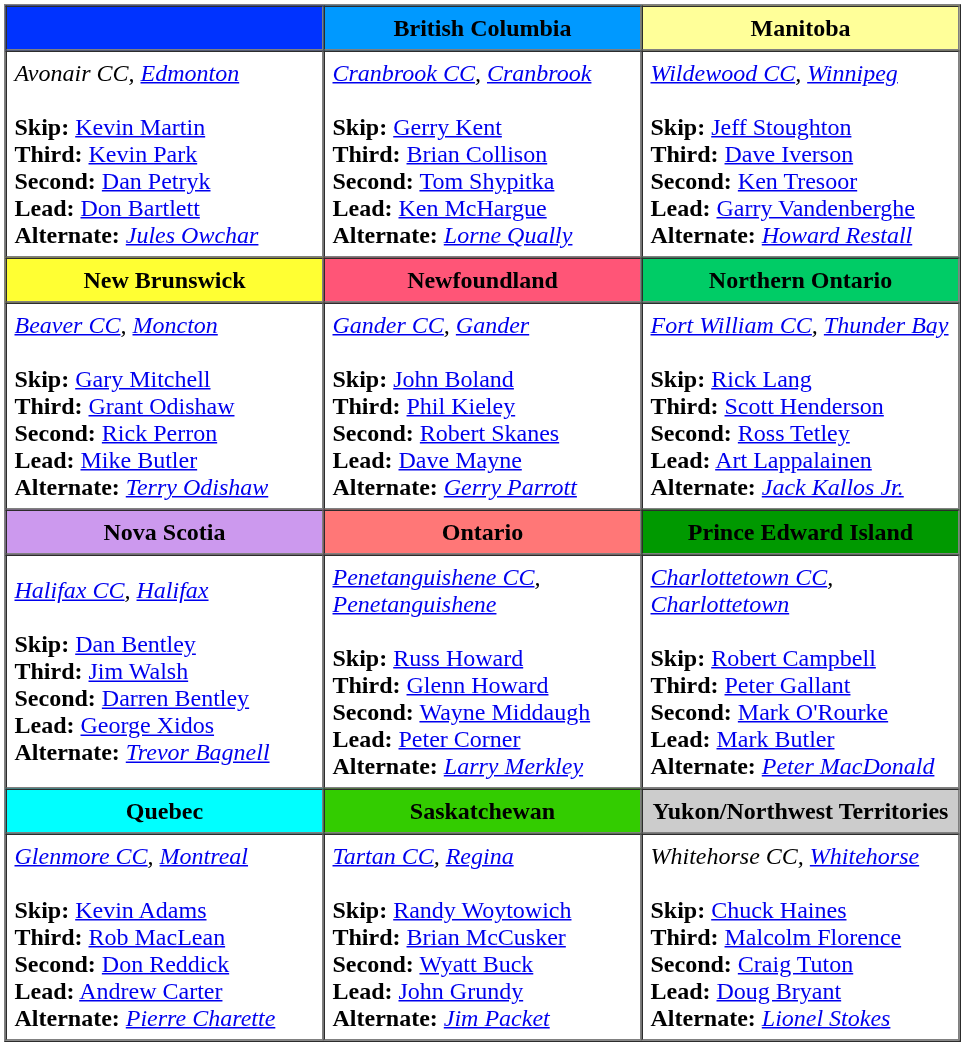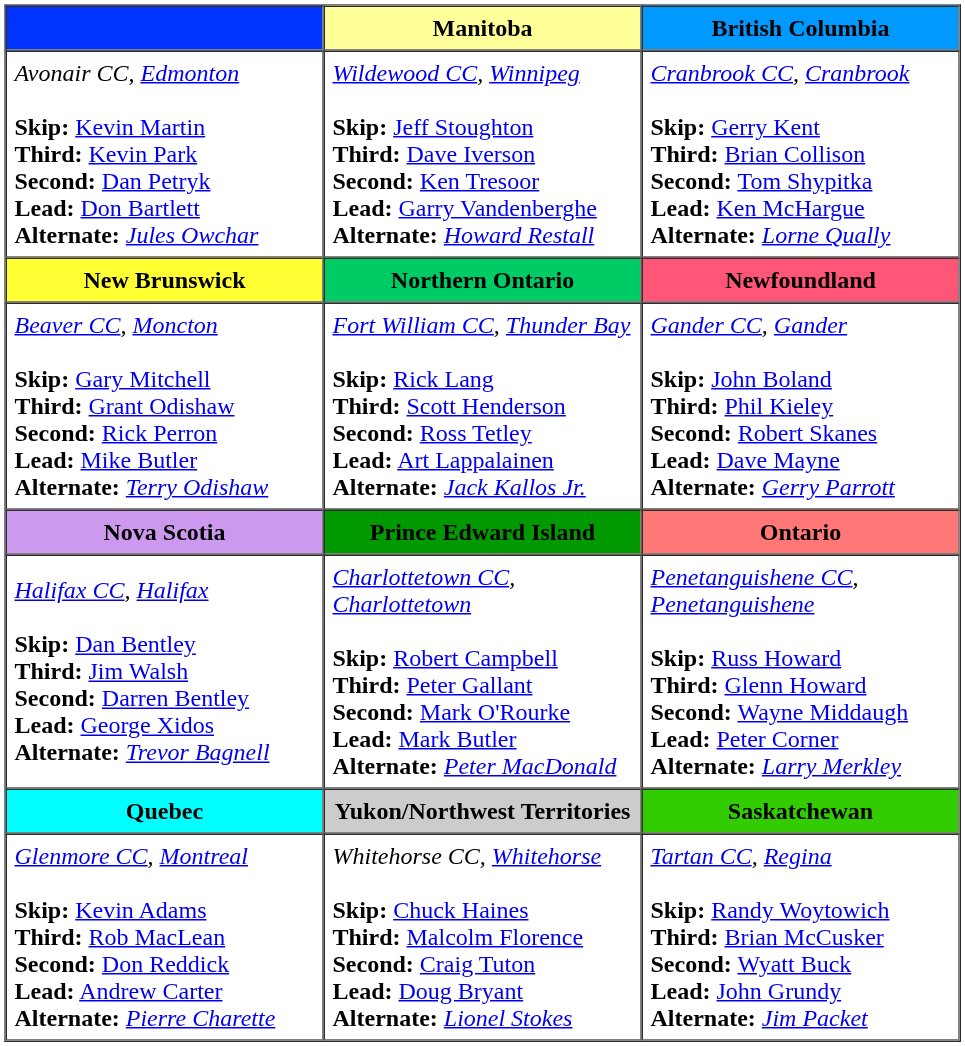 <table border=1 cellpadding=5 cellspacing=0>
 <tr>
 <th style="background:#03f; width:200px;"></th>
+<th style="background:#ff9; width:200px;">Manitoba</th>
 <th style="background:#09f; width:200px;">British Columbia</th>
-<th style="background:#ff9; width:200px;">Manitoba</th>
 </tr>
 <tr>
 <td><em>Avonair CC, <a href='#'>Edmonton</a></em><br><br><strong>Skip:</strong> <a href='#'>Kevin Martin</a> <br> <strong>Third:</strong>  <a href='#'>Kevin Park</a> <br> <strong>Second:</strong> <a href='#'>Dan Petryk</a> <br> <strong>Lead:</strong> <a href='#'>Don Bartlett</a> <br> <strong>Alternate:</strong> <em><a href='#'>Jules Owchar</a></em></td>
+<td><em><a href='#'>Wildewood CC</a>, <a href='#'>Winnipeg</a></em><br><br><strong>Skip:</strong> <a href='#'>Jeff Stoughton</a> <br> <strong>Third:</strong> <a href='#'>Dave Iverson</a> <br> <strong>Second:</strong> <a href='#'>Ken Tresoor</a> <br> <strong>Lead:</strong> <a href='#'>Garry Vandenberghe</a> <br> <strong>Alternate:</strong> <em><a href='#'>Howard Restall</a></em></td>
 <td><em><a href='#'>Cranbrook CC</a>, <a href='#'>Cranbrook</a></em><br><br><strong>Skip:</strong> <a href='#'>Gerry Kent</a> <br> <strong>Third:</strong> <a href='#'>Brian Collison</a> <br> <strong>Second:</strong> <a href='#'>Tom Shypitka</a> <br> <strong>Lead:</strong> <a href='#'>Ken McHargue</a> <br> <strong>Alternate:</strong> <em><a href='#'>Lorne Qually</a></em></td>
-<td><em><a href='#'>Wildewood CC</a>, <a href='#'>Winnipeg</a></em><br><br><strong>Skip:</strong> <a href='#'>Jeff Stoughton</a> <br> <strong>Third:</strong> <a href='#'>Dave Iverson</a> <br> <strong>Second:</strong> <a href='#'>Ken Tresoor</a> <br> <strong>Lead:</strong> <a href='#'>Garry Vandenberghe</a> <br> <strong>Alternate:</strong> <em><a href='#'>Howard Restall</a></em></td>
 </tr>
 <tr>
 <th style="background:#ff3; width:200px;">New Brunswick</th>
+<th style="background:#0c6; width:200px;">Northern Ontario</th>
 <th style="background:#f57; width:200px;">Newfoundland</th>
-<th style="background:#0c6; width:200px;">Northern Ontario</th>
 </tr>
 <tr>
 <td><em><a href='#'>Beaver CC</a>, <a href='#'>Moncton</a></em><br><br><strong>Skip:</strong> <a href='#'>Gary Mitchell</a> <br> <strong>Third:</strong> <a href='#'>Grant Odishaw</a> <br> <strong>Second:</strong> <a href='#'>Rick Perron</a> <br> <strong>Lead:</strong> <a href='#'>Mike Butler</a> <br> <strong>Alternate:</strong> <em><a href='#'>Terry Odishaw</a></em></td>
+<td><em><a href='#'>Fort William CC</a>, <a href='#'>Thunder Bay</a></em><br><br><strong>Skip:</strong> <a href='#'>Rick Lang</a> <br> <strong>Third:</strong> <a href='#'>Scott Henderson</a> <br> <strong>Second:</strong> <a href='#'>Ross Tetley</a> <br> <strong>Lead:</strong> <a href='#'>Art Lappalainen</a> <br> <strong>Alternate:</strong> <em><a href='#'>Jack Kallos Jr.</a></em></td>
 <td><em><a href='#'>Gander CC</a>, <a href='#'>Gander</a></em><br><br><strong>Skip:</strong> <a href='#'>John Boland</a> <br> <strong>Third:</strong> <a href='#'>Phil Kieley</a> <br> <strong>Second:</strong> <a href='#'>Robert Skanes</a> <br> <strong>Lead:</strong> <a href='#'>Dave Mayne</a> <br> <strong>Alternate:</strong> <em><a href='#'>Gerry Parrott</a></em></td>
-<td><em><a href='#'>Fort William CC</a>, <a href='#'>Thunder Bay</a></em><br><br><strong>Skip:</strong> <a href='#'>Rick Lang</a> <br> <strong>Third:</strong> <a href='#'>Scott Henderson</a> <br> <strong>Second:</strong> <a href='#'>Ross Tetley</a> <br> <strong>Lead:</strong> <a href='#'>Art Lappalainen</a> <br> <strong>Alternate:</strong> <em><a href='#'>Jack Kallos Jr.</a></em></td>
 </tr>
 <tr>
 <th style="background:#c9e; width:200px;">Nova Scotia</th>
+<th style="background:#090; width:200px;">Prince Edward Island</th>
 <th style="background:#f77; width:200px;">Ontario</th>
-<th style="background:#090; width:200px;">Prince Edward Island</th>
 </tr>
 <tr>
 <td><em><a href='#'>Halifax CC</a>, <a href='#'>Halifax</a></em><br><br><strong>Skip:</strong> <a href='#'>Dan Bentley</a> <br> <strong>Third:</strong> <a href='#'>Jim Walsh</a> <br> <strong>Second:</strong> <a href='#'>Darren Bentley</a> <br> <strong>Lead:</strong> <a href='#'>George Xidos</a> <br> <strong>Alternate:</strong> <em><a href='#'>Trevor Bagnell</a></em></td>
+<td><em><a href='#'>Charlottetown CC</a>, <a href='#'>Charlottetown</a></em><br><br><strong>Skip:</strong> <a href='#'>Robert Campbell</a> <br> <strong>Third:</strong> <a href='#'>Peter Gallant</a> <br> <strong>Second:</strong> <a href='#'>Mark O'Rourke</a> <br> <strong>Lead:</strong> <a href='#'>Mark Butler</a> <br> <strong>Alternate:</strong> <em><a href='#'>Peter MacDonald</a></em></td>
 <td><em><a href='#'>Penetanguishene CC</a>, <a href='#'>Penetanguishene</a></em><br><br><strong>Skip:</strong> <a href='#'>Russ Howard</a> <br> <strong>Third:</strong> <a href='#'>Glenn Howard</a> <br> <strong>Second:</strong> <a href='#'>Wayne Middaugh</a> <br> <strong>Lead:</strong> <a href='#'>Peter Corner</a> <br> <strong>Alternate:</strong> <em><a href='#'>Larry Merkley</a></em></td>
-<td><em><a href='#'>Charlottetown CC</a>, <a href='#'>Charlottetown</a></em><br><br><strong>Skip:</strong> <a href='#'>Robert Campbell</a> <br> <strong>Third:</strong> <a href='#'>Peter Gallant</a> <br> <strong>Second:</strong> <a href='#'>Mark O'Rourke</a> <br> <strong>Lead:</strong> <a href='#'>Mark Butler</a> <br> <strong>Alternate:</strong> <em><a href='#'>Peter MacDonald</a></em></td>
 </tr>
 <tr>
 <th style="background:#0ff; width:200px;">Quebec</th>
+<th style="background:#ccc; width:200px;">Yukon/Northwest Territories</th>
 <th style="background:#3c0; width:200px;">Saskatchewan</th>
-<th style="background:#ccc; width:200px;">Yukon/Northwest Territories</th>
 </tr>
 <tr>
 <td><em><a href='#'>Glenmore CC</a>, <a href='#'>Montreal</a></em><br><br><strong>Skip:</strong> <a href='#'>Kevin Adams</a> <br> <strong>Third:</strong> <a href='#'>Rob MacLean</a> <br> <strong>Second:</strong> <a href='#'>Don Reddick</a> <br> <strong>Lead:</strong> <a href='#'>Andrew Carter</a> <br> <strong>Alternate:</strong> <em><a href='#'>Pierre Charette</a></em></td>
+<td><em>Whitehorse CC, <a href='#'>Whitehorse</a></em><br><br><strong>Skip:</strong> <a href='#'>Chuck Haines</a> <br> <strong>Third:</strong> <a href='#'>Malcolm Florence</a> <br> <strong>Second:</strong> <a href='#'>Craig Tuton</a> <br> <strong>Lead:</strong> <a href='#'>Doug Bryant</a> <br> <strong>Alternate:</strong> <em><a href='#'>Lionel Stokes</a></em></td>
 <td><em><a href='#'>Tartan CC</a>, <a href='#'>Regina</a></em><br><br><strong>Skip:</strong> <a href='#'>Randy Woytowich</a> <br> <strong>Third:</strong> <a href='#'>Brian McCusker</a> <br> <strong>Second:</strong> <a href='#'>Wyatt Buck</a> <br> <strong>Lead:</strong> <a href='#'>John Grundy</a> <br> <strong>Alternate:</strong> <em><a href='#'>Jim Packet</a></em></td>
-<td><em>Whitehorse CC, <a href='#'>Whitehorse</a></em><br><br><strong>Skip:</strong> <a href='#'>Chuck Haines</a> <br> <strong>Third:</strong> <a href='#'>Malcolm Florence</a> <br> <strong>Second:</strong> <a href='#'>Craig Tuton</a> <br> <strong>Lead:</strong> <a href='#'>Doug Bryant</a> <br> <strong>Alternate:</strong> <em><a href='#'>Lionel Stokes</a></em></td>
 </tr>
 </table>
